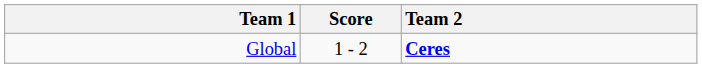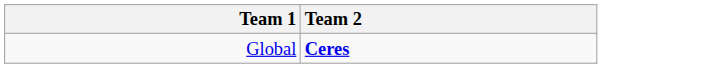 <table class="wikitable" style="align:center">
 <tr>
 <th width=250 style="text-align:right">Team 1</th>
-<th width=80 style="text-align:center">Score</th>
 <th width=250 style="text-align:left">Team 2</th>
 </tr>
 <tr>
 <td align="right"><a href='#'>Global</a></td>
-<td align="center">1 - 2</td>
 <td><strong><a href='#'>Ceres</a></strong></td>
 </tr>
 </table>
